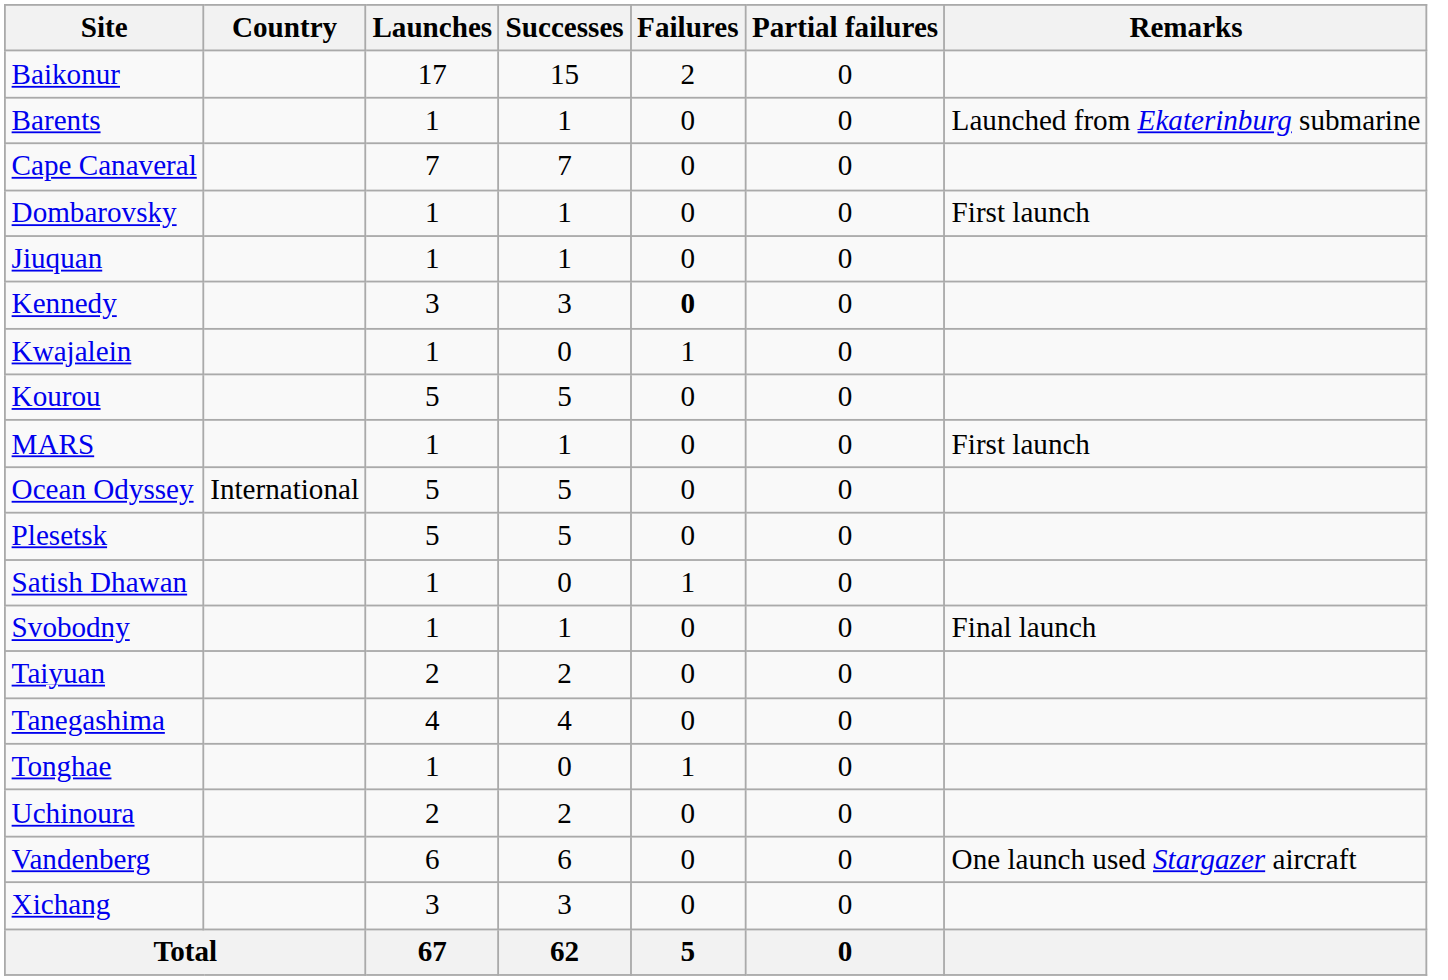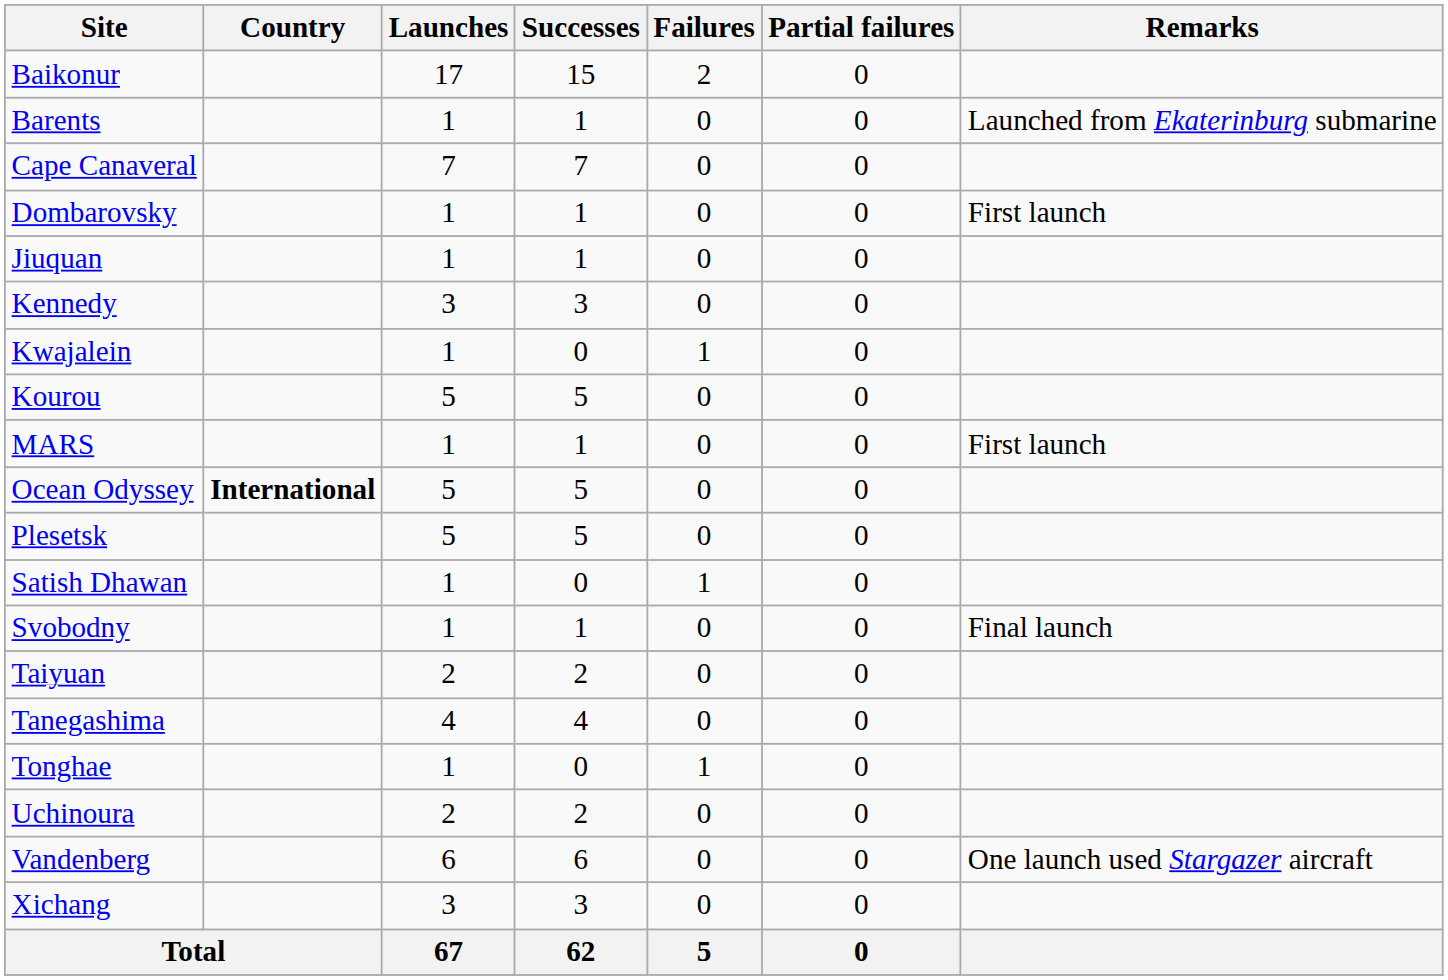 <table class="wikitable sortable" style=text-align:center>
 <tr>
 <th>Site</th>
 <th>Country</th>
 <th>Launches</th>
 <th>Successes</th>
 <th>Failures</th>
 <th>Partial failures</th>
 <th>Remarks</th>
 </tr>
 <tr>
 <td align=left><a href='#'>Baikonur</a></td>
 <td align=left></td>
 <td>17</td>
 <td>15</td>
 <td>2</td>
 <td>0</td>
 <td></td>
 </tr>
 <tr>
 <td align=left><a href='#'>Barents</a></td>
 <td align=left></td>
 <td>1</td>
 <td>1</td>
 <td>0</td>
 <td>0</td>
 <td align=left>Launched from <a href='#'><em>Ekaterinburg</em></a> submarine</td>
 </tr>
 <tr>
 <td align=left><a href='#'>Cape Canaveral</a></td>
 <td align=left></td>
 <td>7</td>
 <td>7</td>
 <td>0</td>
 <td>0</td>
 <td></td>
 </tr>
 <tr>
 <td align=left><a href='#'>Dombarovsky</a></td>
 <td align=left></td>
 <td>1</td>
 <td>1</td>
 <td>0</td>
 <td>0</td>
 <td align=left>First launch</td>
 </tr>
 <tr>
 <td align=left><a href='#'>Jiuquan</a></td>
 <td align=left></td>
 <td>1</td>
 <td>1</td>
 <td>0</td>
 <td>0</td>
 <td></td>
 </tr>
 <tr>
 <td align=left><a href='#'>Kennedy</a></td>
 <td align=left></td>
 <td>3</td>
 <td>3</td>
-<td><strong>0</strong></td>
+<td>0</td>
 <td>0</td>
 <td></td>
 </tr>
 <tr>
 <td align=left><a href='#'>Kwajalein</a></td>
 <td align=left></td>
 <td>1</td>
 <td>0</td>
 <td>1</td>
 <td>0</td>
 <td></td>
 </tr>
 <tr>
 <td align=left><a href='#'>Kourou</a></td>
 <td align=left></td>
 <td>5</td>
 <td>5</td>
 <td>0</td>
 <td>0</td>
 <td></td>
 </tr>
 <tr>
 <td align=left><a href='#'>MARS</a></td>
 <td align=left></td>
 <td>1</td>
 <td>1</td>
 <td>0</td>
 <td>0</td>
 <td align=left>First launch</td>
 </tr>
 <tr>
 <td align=left><a href='#'>Ocean Odyssey</a></td>
-<td align=left> International</td>
+<td align=left><strong> International</strong></td>
 <td>5</td>
 <td>5</td>
 <td>0</td>
 <td>0</td>
 <td></td>
 </tr>
 <tr>
 <td align=left><a href='#'>Plesetsk</a></td>
 <td align=left></td>
 <td>5</td>
 <td>5</td>
 <td>0</td>
 <td>0</td>
 <td></td>
 </tr>
 <tr>
 <td align=left><a href='#'>Satish Dhawan</a></td>
 <td align=left></td>
 <td>1</td>
 <td>0</td>
 <td>1</td>
 <td>0</td>
 <td></td>
 </tr>
 <tr>
 <td align=left><a href='#'>Svobodny</a></td>
 <td align=left></td>
 <td>1</td>
 <td>1</td>
 <td>0</td>
 <td>0</td>
 <td align=left>Final launch</td>
 </tr>
 <tr>
 <td align=left><a href='#'>Taiyuan</a></td>
 <td align=left></td>
 <td>2</td>
 <td>2</td>
 <td>0</td>
 <td>0</td>
 <td></td>
 </tr>
 <tr>
 <td align=left><a href='#'>Tanegashima</a></td>
 <td align=left></td>
 <td>4</td>
 <td>4</td>
 <td>0</td>
 <td>0</td>
 <td></td>
 </tr>
 <tr>
 <td align=left><a href='#'>Tonghae</a></td>
 <td align=left></td>
 <td>1</td>
 <td>0</td>
 <td>1</td>
 <td>0</td>
 <td></td>
 </tr>
 <tr>
 <td align=left><a href='#'>Uchinoura</a></td>
 <td align=left></td>
 <td>2</td>
 <td>2</td>
 <td>0</td>
 <td>0</td>
 <td></td>
 </tr>
 <tr>
 <td align=left><a href='#'>Vandenberg</a></td>
 <td align=left></td>
 <td>6</td>
 <td>6</td>
 <td>0</td>
 <td>0</td>
 <td align=left>One launch used <em><a href='#'>Stargazer</a></em> aircraft</td>
 </tr>
 <tr>
 <td align=left><a href='#'>Xichang</a></td>
 <td align=left></td>
 <td>3</td>
 <td>3</td>
 <td>0</td>
 <td>0</td>
 <td></td>
 </tr>
 <tr class="sortbottom">
 <th colspan=2>Total</th>
 <th>67</th>
 <th>62</th>
 <th>5</th>
 <th>0</th>
 <th></th>
 </tr>
 </table>
